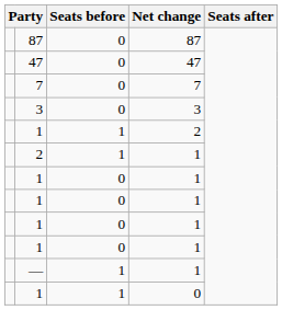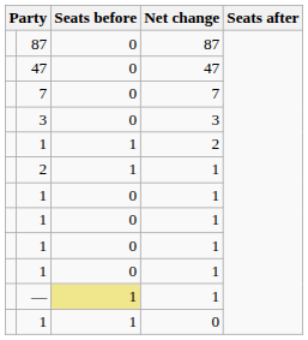 <table class=wikitable style="text-align:right">
 <tr>
 <th colspan="2">Party</th>
 <th>Seats before</th>
 <th>Net change</th>
 <th>Seats after</th>
 </tr>
 <tr>
 <td></td>
 <td>87</td>
 <td> 0</td>
 <td>87</td>
 </tr>
 <tr>
 <td></td>
 <td>47</td>
 <td> 0</td>
 <td>47</td>
 </tr>
 <tr>
 <td></td>
 <td>7</td>
 <td> 0</td>
 <td>7</td>
 </tr>
 <tr>
 <td></td>
 <td>3</td>
 <td> 0</td>
 <td>3</td>
 </tr>
 <tr>
 <td></td>
 <td>1</td>
 <td> 1</td>
 <td>2</td>
 </tr>
 <tr>
 <td></td>
 <td>2</td>
 <td> 1</td>
 <td>1</td>
 </tr>
 <tr>
 <td></td>
 <td>1</td>
 <td> 0</td>
 <td>1</td>
 </tr>
 <tr>
 <td></td>
 <td>1</td>
 <td> 0</td>
 <td>1</td>
 </tr>
 <tr>
 <td></td>
 <td>1</td>
 <td> 0</td>
 <td>1</td>
 </tr>
 <tr>
 <td></td>
 <td>1</td>
 <td> 0</td>
 <td>1</td>
 </tr>
 <tr>
 <td></td>
 <td>—</td>
-<td> 1</td>
+<td style="background: khaki;"> 1</td>
 <td>1</td>
 </tr>
 <tr>
 <td></td>
 <td>1</td>
 <td> 1</td>
 <td>0</td>
 </tr>
 </table>
